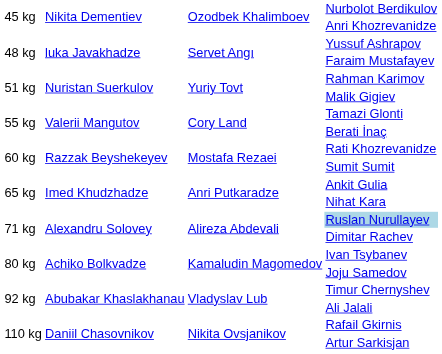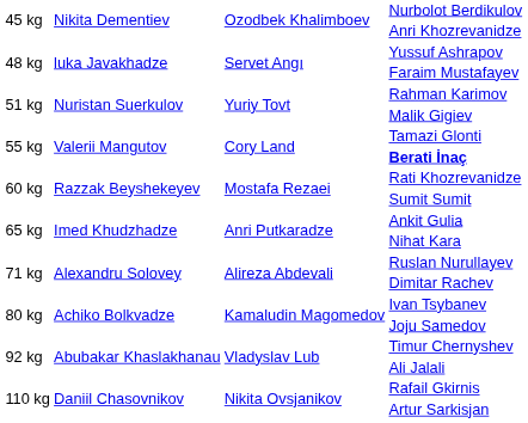 <table>
 <tr>
 <td rowspan=2>45 kg</td>
 <td rowspan=2> <a href='#'>Nikita Dementiev</a></td>
 <td rowspan=2> <a href='#'>Ozodbek Khalimboev</a></td>
 <td> <a href='#'>Nurbolot Berdikulov</a></td>
 </tr>
 <tr>
 <td> <a href='#'>Anri Khozrevanidze</a></td>
 </tr>
 <tr>
 <td rowspan=2>48 kg</td>
 <td rowspan=2> <a href='#'>luka Javakhadze</a></td>
 <td rowspan=2> <a href='#'>Servet Angı</a></td>
 <td> <a href='#'>Yussuf Ashrapov</a></td>
 </tr>
 <tr>
 <td> <a href='#'>Faraim Mustafayev</a></td>
 </tr>
 <tr>
 <td rowspan=2>51 kg</td>
 <td rowspan=2> <a href='#'>Nuristan Suerkulov</a></td>
 <td rowspan=2> <a href='#'>Yuriy Tovt</a></td>
 <td> <a href='#'>Rahman Karimov</a></td>
 </tr>
 <tr>
 <td> <a href='#'>Malik Gigiev</a></td>
 </tr>
 <tr>
 <td rowspan=2>55 kg</td>
 <td rowspan=2> <a href='#'>Valerii Mangutov</a></td>
 <td rowspan=2> <a href='#'>Cory Land</a></td>
 <td> <a href='#'>Tamazi Glonti</a></td>
 </tr>
 <tr>
-<td> <a href='#'>Berati İnaç</a></td>
+<td><strong> <a href='#'>Berati İnaç</a></strong></td>
 </tr>
 <tr>
 <td rowspan=2>60 kg</td>
 <td rowspan=2> <a href='#'>Razzak Beyshekeyev</a></td>
 <td rowspan=2> <a href='#'>Mostafa Rezaei</a></td>
 <td> <a href='#'>Rati Khozrevanidze</a></td>
 </tr>
 <tr>
 <td> <a href='#'>Sumit Sumit</a></td>
 </tr>
 <tr>
 <td rowspan=2>65 kg</td>
 <td rowspan=2> <a href='#'>Imed Khudzhadze</a></td>
 <td rowspan=2> <a href='#'>Anri Putkaradze</a></td>
 <td> <a href='#'>Ankit Gulia</a></td>
 </tr>
 <tr>
 <td> <a href='#'>Nihat Kara</a></td>
 </tr>
 <tr>
 <td rowspan=2>71 kg</td>
 <td rowspan=2> <a href='#'>Alexandru Solovey</a></td>
 <td rowspan=2> <a href='#'>Alireza Abdevali</a></td>
-<td style="background: lightblue;"> <a href='#'>Ruslan Nurullayev</a></td>
+<td> <a href='#'>Ruslan Nurullayev</a></td>
 </tr>
 <tr>
 <td> <a href='#'>Dimitar Rachev</a></td>
 </tr>
 <tr>
 <td rowspan=2>80 kg</td>
 <td rowspan=2> <a href='#'>Achiko Bolkvadze</a></td>
 <td rowspan=2> <a href='#'>Kamaludin Magomedov</a></td>
 <td> <a href='#'>Ivan Tsybanev</a></td>
 </tr>
 <tr>
 <td> <a href='#'>Joju Samedov</a></td>
 </tr>
 <tr>
 <td rowspan=2>92 kg</td>
 <td rowspan=2> <a href='#'>Abubakar Khaslakhanau</a></td>
 <td rowspan=2> <a href='#'>Vladyslav Lub</a></td>
 <td> <a href='#'>Timur Chernyshev</a></td>
 </tr>
 <tr>
 <td> <a href='#'>Ali Jalali</a></td>
 </tr>
 <tr>
 <td rowspan=2>110 kg</td>
 <td rowspan=2> <a href='#'>Daniil Chasovnikov</a></td>
 <td rowspan=2> <a href='#'>Nikita Ovsjanikov</a></td>
 <td> <a href='#'>Rafail Gkirnis</a></td>
 </tr>
 <tr>
 <td> <a href='#'>Artur Sarkisjan</a></td>
 </tr>
 </table>
